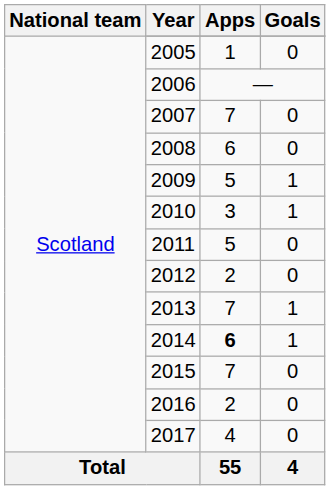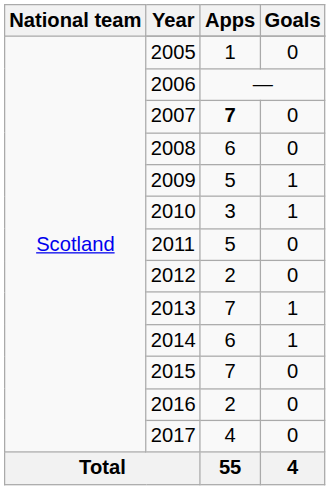 <table class="wikitable" style="text-align: center;">
 <tr>
 <th>National team</th>
 <th>Year</th>
 <th>Apps</th>
 <th>Goals</th>
 </tr>
 <tr>
 <td rowspan="14"><a href='#'>Scotland</a></td>
 </tr>
 <tr>
 <td>2005</td>
 <td>1</td>
 <td>0</td>
 </tr>
 <tr>
 <td>2006</td>
 <td colspan="2">—</td>
 </tr>
 <tr>
 <td>2007</td>
-<td>7</td>
+<td><strong>7</strong></td>
 <td>0</td>
 </tr>
 <tr>
 <td>2008</td>
 <td>6</td>
 <td>0</td>
 </tr>
 <tr>
 <td>2009</td>
 <td>5</td>
 <td>1</td>
 </tr>
 <tr>
 <td>2010</td>
 <td>3</td>
 <td>1</td>
 </tr>
 <tr>
 <td>2011</td>
 <td>5</td>
 <td>0</td>
 </tr>
 <tr>
 <td>2012</td>
 <td>2</td>
 <td>0</td>
 </tr>
 <tr>
 <td>2013</td>
 <td>7</td>
 <td>1</td>
 </tr>
 <tr>
 <td>2014</td>
-<td><strong>6</strong></td>
+<td>6</td>
 <td>1</td>
 </tr>
 <tr>
 <td>2015</td>
 <td>7</td>
 <td>0</td>
 </tr>
 <tr>
 <td>2016</td>
 <td>2</td>
 <td>0</td>
 </tr>
 <tr>
 <td>2017</td>
 <td>4</td>
 <td>0</td>
 </tr>
 <tr>
 <th colspan="2">Total</th>
 <th>55</th>
 <th>4</th>
 </tr>
 </table>
